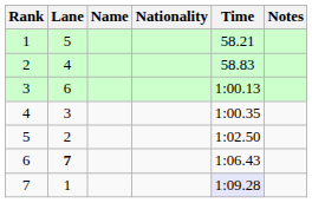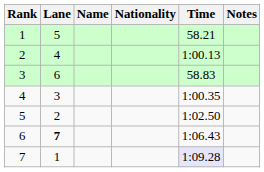 <table class="wikitable sortable" style="text-align:center">
 <tr>
 <th>Rank</th>
 <th>Lane</th>
 <th>Name</th>
 <th>Nationality</th>
 <th>Time</th>
 <th>Notes</th>
 </tr>
 <tr bgcolor=ccffcc>
 <td>1</td>
 <td>5</td>
 <td align=left></td>
 <td align=left></td>
 <td>58.21</td>
 <td><strong></strong></td>
 </tr>
 <tr bgcolor=ccffcc>
 <td>2</td>
 <td>4</td>
 <td align=left></td>
 <td align=left></td>
-<td>58.83</td>
+<td>1:00.13</td>
 <td><strong></strong></td>
 </tr>
 <tr bgcolor=ccffcc>
 <td>3</td>
 <td>6</td>
 <td align=left></td>
 <td align=left></td>
-<td>1:00.13</td>
+<td>58.83</td>
 <td><strong></strong></td>
 </tr>
 <tr>
 <td>4</td>
 <td>3</td>
 <td align=left></td>
 <td align=left></td>
 <td>1:00.35</td>
 <td></td>
 </tr>
 <tr>
 <td>5</td>
 <td>2</td>
 <td align=left></td>
 <td align=left></td>
 <td>1:02.50</td>
 <td></td>
 </tr>
 <tr>
 <td>6</td>
 <td><strong>7</strong></td>
 <td align=left></td>
 <td align=left></td>
 <td>1:06.43</td>
 <td></td>
 </tr>
 <tr>
 <td>7</td>
 <td>1</td>
 <td align=left></td>
 <td align=left></td>
 <td style="background: lavender;">1:09.28</td>
 <td></td>
 </tr>
 </table>
